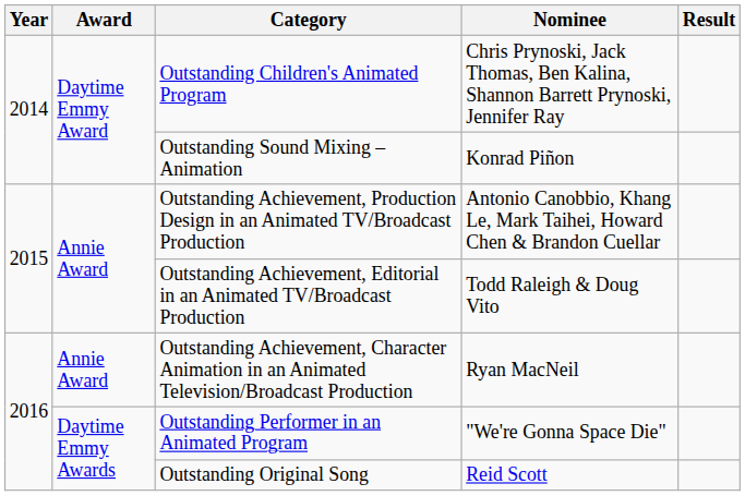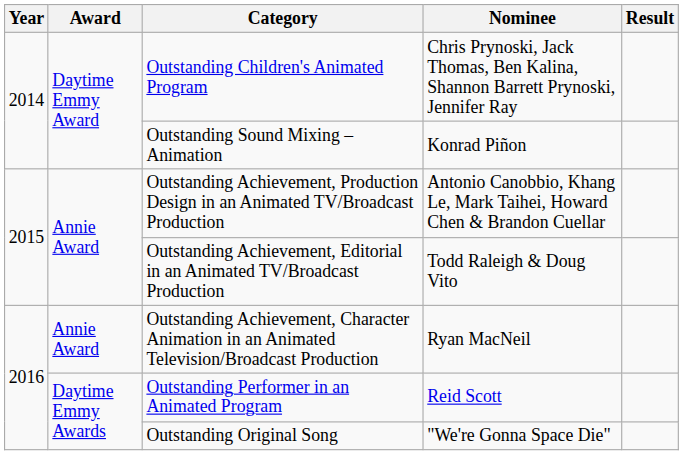 <table class=wikitable>
 <tr>
 <th>Year</th>
 <th>Award</th>
 <th>Category</th>
 <th>Nominee</th>
 <th>Result</th>
 </tr>
 <tr>
 <td rowspan="2">2014</td>
 <td rowspan="2"><a href='#'>Daytime Emmy Award</a></td>
 <td><a href='#'>Outstanding Children's Animated Program</a></td>
 <td>Chris	Prynoski, Jack Thomas, Ben Kalina, Shannon Barrett Prynoski, Jennifer Ray</td>
 <td></td>
 </tr>
 <tr>
 <td>Outstanding Sound Mixing – Animation</td>
 <td>Konrad Piñon</td>
 <td></td>
 </tr>
 <tr>
 <td rowspan="2">2015</td>
 <td rowspan="2"><a href='#'>Annie Award</a></td>
 <td>Outstanding Achievement, Production Design in an Animated TV/Broadcast Production</td>
 <td>Antonio Canobbio, Khang Le, Mark Taihei, Howard Chen & Brandon Cuellar</td>
 <td></td>
 </tr>
 <tr>
 <td>Outstanding Achievement, Editorial in an Animated TV/Broadcast Production</td>
 <td>Todd Raleigh & Doug Vito</td>
 <td></td>
 </tr>
 <tr>
 <td rowspan="3">2016</td>
 <td><a href='#'>Annie Award</a></td>
 <td>Outstanding Achievement, Character Animation in an Animated Television/Broadcast Production</td>
 <td>Ryan MacNeil</td>
 <td></td>
 </tr>
 <tr>
 <td rowspan=2><a href='#'>Daytime Emmy Awards</a></td>
 <td><a href='#'>Outstanding Performer in an Animated Program</a></td>
-<td>"We're Gonna Space Die"</td>
+<td><a href='#'>Reid Scott</a></td>
 <td></td>
 </tr>
 <tr>
 <td>Outstanding Original Song</td>
-<td><a href='#'>Reid Scott</a></td>
+<td>"We're Gonna Space Die"</td>
 <td></td>
 </tr>
 </table>
